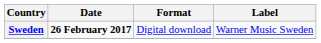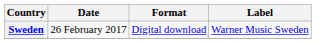 <table class="wikitable plainrowheaders">
 <tr>
 <th scope="col">Country</th>
 <th scope="col">Date</th>
 <th scope="col">Format</th>
 <th scope="col">Label</th>
 </tr>
 <tr>
 <th scope="row"><a href='#'>Sweden</a></th>
-<td><strong>26 February 2017</strong></td>
+<td>26 February 2017</td>
 <td><a href='#'>Digital download</a></td>
 <td><a href='#'>Warner Music Sweden</a></td>
 </tr>
 <tr>
 </tr>
 </table>
